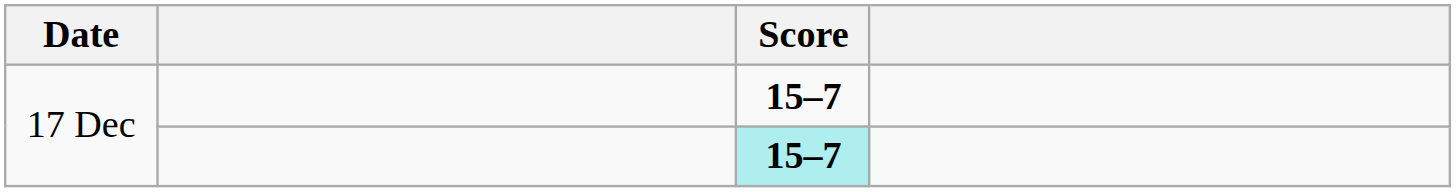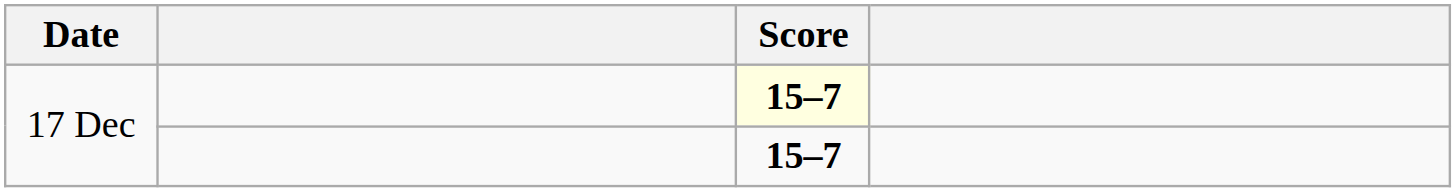 <table class="wikitable" style="text-align: center;">
 <tr>
 <th width="60">Date</th>
 <th align="right" width="270"></th>
 <th width="50">Score</th>
 <th align="left" width="270"></th>
 </tr>
 <tr>
 <td rowspan=2>17 Dec</td>
 <td align=left><strong></strong></td>
-<td align=center><strong>15–7</strong></td>
+<td align=center style="background: lightyellow;"><strong>15–7</strong></td>
 <td align=left></td>
 </tr>
 <tr>
 <td align=left><strong></strong></td>
-<td align=center style="background: paleturquoise;"><strong>15–7</strong></td>
+<td align=center><strong>15–7</strong></td>
 <td align=left></td>
 </tr>
 </table>
